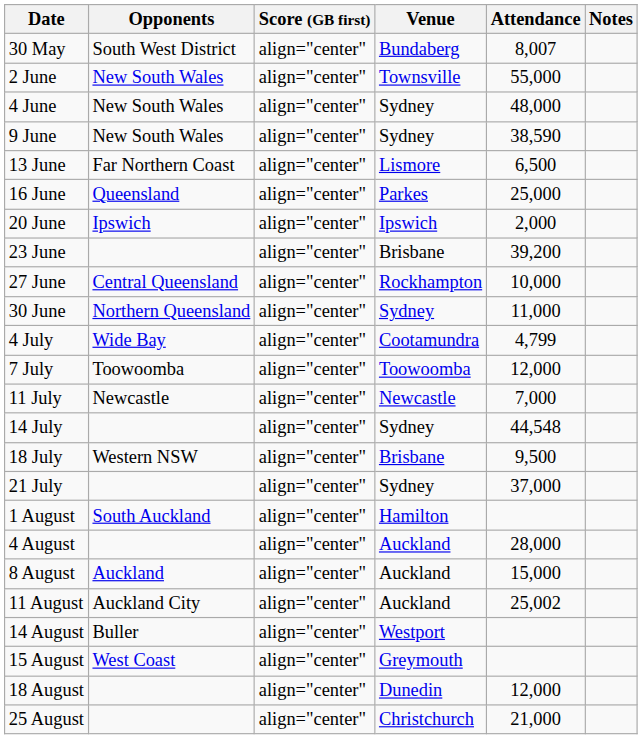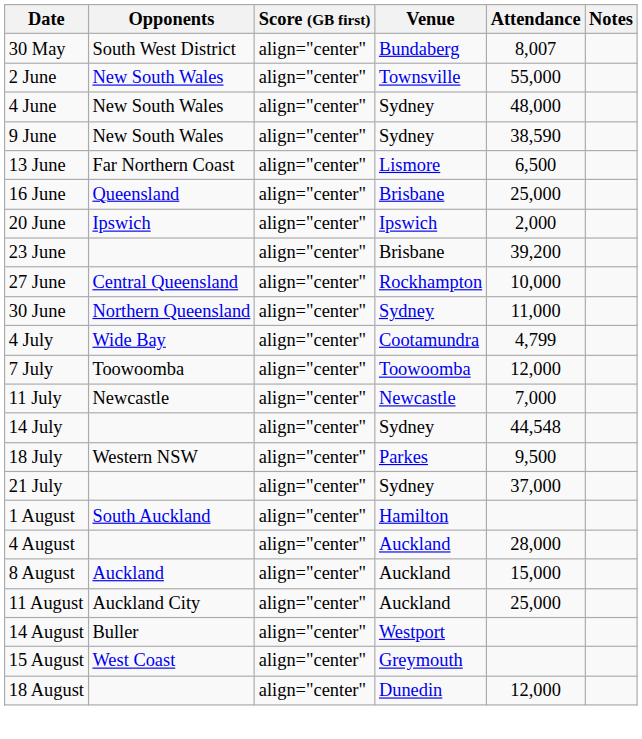 <table class="wikitable">
 <tr>
 <th>Date</th>
 <th>Opponents</th>
 <th>Score <small>(GB first)</small></th>
 <th>Venue</th>
 <th>Attendance</th>
 <th>Notes</th>
 </tr>
 <tr>
 <td>30 May</td>
 <td>South West District</td>
 <td>align="center" </td>
 <td><a href='#'>Bundaberg</a></td>
 <td align="center">8,007</td>
 <td></td>
 </tr>
 <tr>
 <td>2 June</td>
 <td><a href='#'>New South Wales</a></td>
 <td>align="center" </td>
 <td><a href='#'>Townsville</a></td>
 <td align="center">55,000</td>
 <td></td>
 </tr>
 <tr>
 <td>4 June</td>
 <td>New South Wales</td>
 <td>align="center" </td>
 <td>Sydney</td>
 <td align="center">48,000</td>
 <td></td>
 </tr>
 <tr>
 <td>9 June</td>
 <td>New South Wales</td>
 <td>align="center" </td>
 <td>Sydney</td>
 <td align="center">38,590</td>
 <td></td>
 </tr>
 <tr>
 <td>13 June</td>
 <td>Far Northern Coast</td>
 <td>align="center" </td>
 <td><a href='#'>Lismore</a></td>
 <td align="center">6,500</td>
 <td></td>
 </tr>
 <tr>
 <td>16 June</td>
 <td><a href='#'>Queensland</a></td>
 <td>align="center" </td>
-<td><a href='#'>Parkes</a></td>
+<td><a href='#'>Brisbane</a></td>
 <td align="center">25,000</td>
 <td></td>
 </tr>
 <tr>
 <td>20 June</td>
 <td><a href='#'>Ipswich</a></td>
 <td>align="center" </td>
 <td><a href='#'>Ipswich</a></td>
 <td align="center">2,000</td>
 <td></td>
 </tr>
 <tr>
 <td>23 June</td>
 <td></td>
 <td>align="center" </td>
 <td>Brisbane</td>
 <td align="center">39,200</td>
 <td></td>
 </tr>
 <tr>
 <td>27 June</td>
 <td><a href='#'>Central Queensland</a></td>
 <td>align="center" </td>
 <td><a href='#'>Rockhampton</a></td>
 <td align="center">10,000</td>
 <td></td>
 </tr>
 <tr>
 <td>30 June</td>
 <td><a href='#'>Northern Queensland</a></td>
 <td>align="center" </td>
 <td><a href='#'>Sydney</a></td>
 <td align="center">11,000</td>
 <td></td>
 </tr>
 <tr>
 <td>4 July</td>
 <td><a href='#'>Wide Bay</a></td>
 <td>align="center" </td>
 <td><a href='#'>Cootamundra</a></td>
 <td align="center">4,799</td>
 <td></td>
 </tr>
 <tr>
 <td>7 July</td>
 <td>Toowoomba</td>
 <td>align="center" </td>
 <td><a href='#'>Toowoomba</a></td>
 <td align="center">12,000</td>
 <td></td>
 </tr>
 <tr>
 <td>11 July</td>
 <td>Newcastle</td>
 <td>align="center" </td>
 <td><a href='#'>Newcastle</a></td>
 <td align="center">7,000</td>
 <td></td>
 </tr>
 <tr>
 <td>14 July</td>
 <td></td>
 <td>align="center" </td>
 <td>Sydney</td>
 <td align="center">44,548</td>
 <td></td>
 </tr>
 <tr>
 <td>18 July</td>
 <td>Western NSW</td>
 <td>align="center" </td>
-<td><a href='#'>Brisbane</a></td>
+<td><a href='#'>Parkes</a></td>
 <td align="center">9,500</td>
 <td></td>
 </tr>
 <tr>
 <td>21 July</td>
 <td></td>
 <td>align="center" </td>
 <td>Sydney</td>
 <td align="center">37,000</td>
 <td></td>
 </tr>
 <tr>
 <td>1 August</td>
 <td><a href='#'>South Auckland</a></td>
 <td>align="center" </td>
 <td><a href='#'>Hamilton</a></td>
 <td align="center"></td>
 <td></td>
 </tr>
 <tr>
 <td>4 August</td>
 <td></td>
 <td>align="center" </td>
 <td><a href='#'>Auckland</a></td>
 <td align="center">28,000</td>
 <td></td>
 </tr>
 <tr>
 <td>8 August</td>
 <td><a href='#'>Auckland</a></td>
 <td>align="center" </td>
 <td>Auckland</td>
 <td align="center">15,000</td>
 <td></td>
 </tr>
 <tr>
 <td>11 August</td>
 <td>Auckland City</td>
 <td>align="center" </td>
 <td>Auckland</td>
-<td align="center">25,002</td>
+<td align="center">25,000</td>
 <td></td>
 </tr>
 <tr>
 <td>14 August</td>
 <td>Buller</td>
 <td>align="center" </td>
 <td><a href='#'>Westport</a></td>
 <td align="center"></td>
 <td></td>
 </tr>
 <tr>
 <td>15 August</td>
 <td><a href='#'>West Coast</a></td>
 <td>align="center" </td>
 <td><a href='#'>Greymouth</a></td>
 <td align="center"></td>
 <td></td>
 </tr>
 <tr>
 <td>18 August</td>
 <td></td>
 <td>align="center" </td>
 <td><a href='#'>Dunedin</a></td>
 <td align="center">12,000</td>
 <td></td>
 </tr>
-<tr>
-<td>25 August</td>
-<td></td>
-<td>align="center" </td>
-<td><a href='#'>Christchurch</a></td>
-<td align="center">21,000</td>
-<td></td>
-</tr>
 </table>
